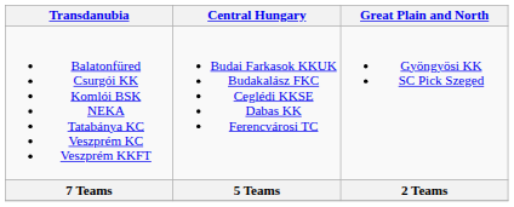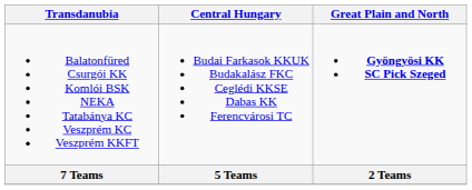 <table class="wikitable" style="clear:right;white-space:nowrap;">
 <tr>
 <th width="33%"><a href='#'>Transdanubia</a></th>
 <th width="33%"><a href='#'>Central Hungary</a></th>
 <th width="33%"><a href='#'>Great Plain and North</a></th>
 </tr>
 <tr align="center" valign="top">
 <td><br><ul><li><a href='#'>Balatonfüred</a></li><li><a href='#'>Csurgói KK</a></li><li><a href='#'>Komlói BSK</a></li><li><a href='#'>NEKA</a></li><li><a href='#'>Tatabánya KC</a></li><li><a href='#'>Veszprém KC</a></li><li><a href='#'>Veszprém KKFT</a></li></ul></td>
 <td><br><ul><li><a href='#'>Budai Farkasok KKUK</a></li><li><a href='#'>Budakalász FKC</a></li><li><a href='#'>Ceglédi KKSE</a></li><li><a href='#'>Dabas KK</a></li><li><a href='#'>Ferencvárosi TC</a></li></ul></td>
-<td><br><ul><li><a href='#'>Gyöngyösi KK</a></li><li><a href='#'>SC Pick Szeged</a></li></ul></td>
+<td><strong><br><ul><li><a href='#'>Gyöngyösi KK</a></li><li><a href='#'>SC Pick Szeged</a></li></ul></strong></td>
 </tr>
 <tr>
 <th>7 Teams</th>
 <th>5 Teams</th>
 <th>2 Teams</th>
 </tr>
 <tr>
 </tr>
 </table>
